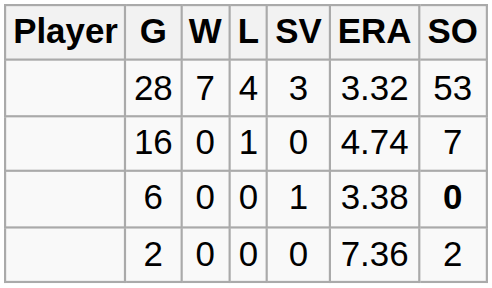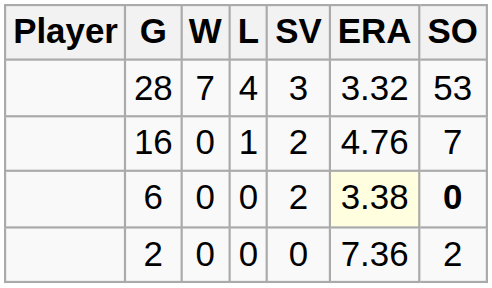 <table class="wikitable sortable" style="text-align:center;">
 <tr>
 <th>Player</th>
 <th>G</th>
 <th>W</th>
 <th>L</th>
 <th>SV</th>
 <th>ERA</th>
 <th>SO</th>
 </tr>
 <tr>
 <td></td>
 <td>28</td>
 <td>7</td>
 <td>4</td>
 <td>3</td>
 <td>3.32</td>
 <td>53</td>
 </tr>
 <tr>
 <td></td>
 <td>16</td>
 <td>0</td>
 <td>1</td>
-<td>0</td>
-<td>4.74</td>
+<td>2</td>
+<td>4.76</td>
 <td>7</td>
 </tr>
 <tr>
 <td></td>
 <td>6</td>
 <td>0</td>
 <td>0</td>
-<td>1</td>
-<td>3.38</td>
+<td>2</td>
+<td style="background: lightyellow;">3.38</td>
 <td><strong>0</strong></td>
 </tr>
 <tr>
 <td></td>
 <td>2</td>
 <td>0</td>
 <td>0</td>
 <td>0</td>
 <td>7.36</td>
 <td>2</td>
 </tr>
 </table>
